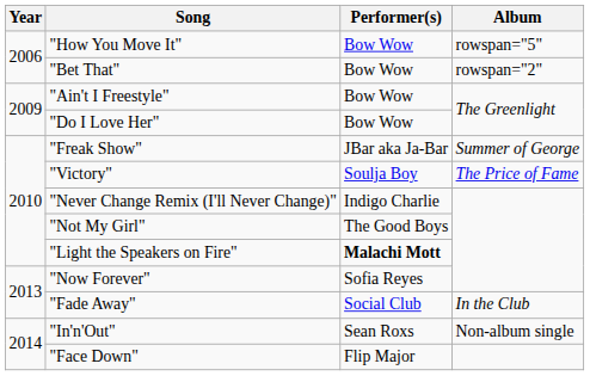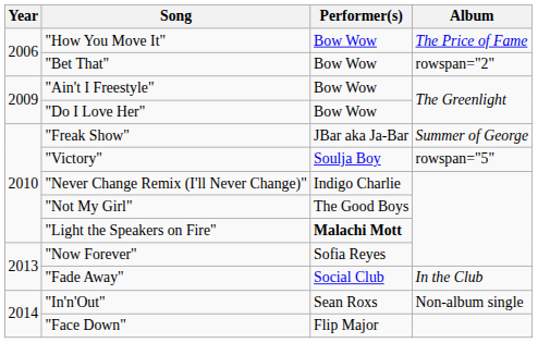 <table class="wikitable">
 <tr>
 <th>Year</th>
 <th>Song</th>
 <th>Performer(s)</th>
 <th>Album</th>
 </tr>
 <tr>
 <td rowspan="2">2006</td>
 <td>"How You Move It"</td>
 <td><a href='#'>Bow Wow</a></td>
-<td>rowspan="5" </td>
+<td><em><a href='#'>The Price of Fame</a></em></td>
 </tr>
 <tr>
 <td>"Bet That"</td>
 <td>Bow Wow</td>
 <td>rowspan="2" </td>
 </tr>
 <tr>
 <td rowspan="2">2009</td>
 <td>"Ain't I Freestyle"</td>
 <td>Bow Wow</td>
 <td rowspan="2"><em>The Greenlight</em></td>
 </tr>
 <tr>
 <td>"Do I Love Her"</td>
 <td>Bow Wow</td>
 </tr>
 <tr>
 <td rowspan="5">2010</td>
 <td>"Freak Show"</td>
 <td>JBar aka Ja-Bar</td>
 <td><em>Summer of George</em></td>
 </tr>
 <tr>
 <td>"Victory"</td>
 <td><a href='#'>Soulja Boy</a></td>
-<td><em><a href='#'>The Price of Fame</a></em></td>
+<td>rowspan="5" </td>
 </tr>
 <tr>
 <td>"Never Change Remix (I'll Never Change)"</td>
 <td>Indigo Charlie</td>
 </tr>
 <tr>
 <td>"Not My Girl"</td>
 <td>The Good Boys</td>
 </tr>
 <tr>
 <td>"Light the Speakers on Fire"</td>
 <td><strong>Malachi Mott</strong></td>
 </tr>
 <tr>
 <td rowspan="2">2013</td>
 <td>"Now Forever"</td>
 <td>Sofia Reyes</td>
 </tr>
 <tr>
 <td>"Fade Away"</td>
 <td><a href='#'>Social Club</a></td>
 <td><em>In the Club</em></td>
 </tr>
 <tr>
 <td rowspan="2">2014</td>
 <td>"In'n'Out"</td>
 <td>Sean Roxs</td>
 <td>Non-album single</td>
 </tr>
 <tr>
 <td>"Face Down"</td>
 <td>Flip Major</td>
 </tr>
 </table>
